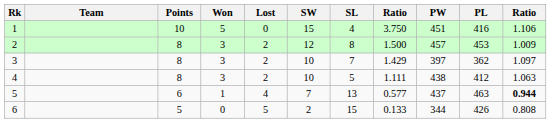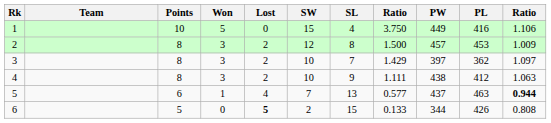 <table class=wikitable style=text-align:center>
 <tr>
 <th width=25>Rk</th>
 <th width=200>Team</th>
 <th width=60>Points</th>
 <th width=60>Won</th>
 <th width=60>Lost</th>
 <th width=60>SW</th>
 <th width=60>SL</th>
 <th width=60>Ratio</th>
 <th width=60>PW</th>
 <th width=60>PL</th>
 <th width=60>Ratio</th>
 </tr>
 <tr style="background: #CCFFCC">
 <td>1</td>
 <td align=left></td>
 <td>10</td>
 <td>5</td>
 <td>0</td>
 <td>15</td>
 <td>4</td>
 <td>3.750</td>
-<td>451</td>
+<td>449</td>
 <td>416</td>
 <td>1.106</td>
 </tr>
 <tr style="background: #CCFFCC">
 <td>2</td>
 <td align=left></td>
 <td>8</td>
 <td>3</td>
 <td>2</td>
 <td>12</td>
 <td>8</td>
 <td>1.500</td>
 <td>457</td>
 <td>453</td>
 <td>1.009</td>
 </tr>
 <tr>
 <td>3</td>
 <td align=left></td>
 <td>8</td>
 <td>3</td>
 <td>2</td>
 <td>10</td>
 <td>7</td>
 <td>1.429</td>
 <td>397</td>
 <td>362</td>
 <td>1.097</td>
 </tr>
 <tr>
 <td>4</td>
 <td align=left></td>
 <td>8</td>
 <td>3</td>
 <td>2</td>
 <td>10</td>
-<td>5</td>
+<td>9</td>
 <td>1.111</td>
 <td>438</td>
 <td>412</td>
 <td>1.063</td>
 </tr>
 <tr>
 <td>5</td>
 <td align=left></td>
 <td>6</td>
 <td>1</td>
 <td>4</td>
 <td>7</td>
 <td>13</td>
 <td>0.577</td>
 <td>437</td>
 <td>463</td>
 <td><strong>0.944</strong></td>
 </tr>
 <tr>
 <td>6</td>
 <td align=left></td>
 <td>5</td>
 <td>0</td>
-<td>5</td>
+<td><strong>5</strong></td>
 <td>2</td>
 <td>15</td>
 <td>0.133</td>
 <td>344</td>
 <td>426</td>
 <td>0.808</td>
 </tr>
 </table>
